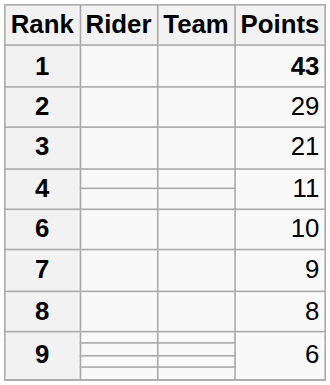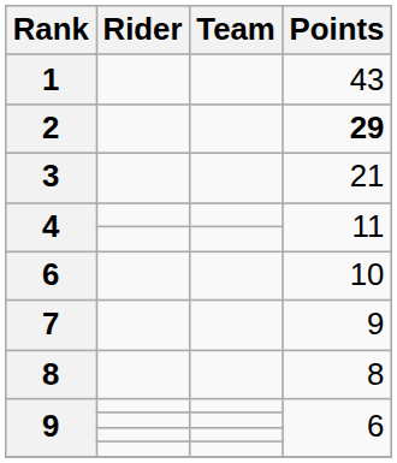 <table class="wikitable">
 <tr>
 <th scope="col">Rank</th>
 <th scope="col">Rider</th>
 <th scope="col">Team</th>
 <th scope="col">Points</th>
 </tr>
 <tr>
 <th scope=“row”>1</th>
 <td>  </td>
 <td></td>
-<td align="right"><strong>43</strong></td>
+<td align="right">43</td>
 </tr>
 <tr>
 <th scope=“row”>2</th>
 <td></td>
 <td></td>
-<td align="right">29</td>
+<td align="right"><strong>29</strong></td>
 </tr>
 <tr>
 <th scope=“row”>3</th>
 <td></td>
 <td></td>
 <td align="right">21</td>
 </tr>
 <tr>
 <th scope=“row” rowspan="2">4</th>
 <td></td>
 <td></td>
 <td align="right" rowspan="2">11</td>
 </tr>
 <tr>
 <td></td>
 <td></td>
 </tr>
 <tr>
 <th scope=“row”>6</th>
 <td></td>
 <td></td>
 <td align="right">10</td>
 </tr>
 <tr>
 <th scope=“row”>7</th>
 <td></td>
 <td></td>
 <td align="right">9</td>
 </tr>
 <tr>
 <th scope=“row”>8</th>
 <td></td>
 <td></td>
 <td align="right">8</td>
 </tr>
 <tr>
 <th scope=“row” rowspan="4">9</th>
 <td></td>
 <td></td>
 <td align="right" rowspan="4">6</td>
 </tr>
 <tr>
 <td></td>
 <td></td>
 </tr>
 <tr>
 <td></td>
 <td></td>
 </tr>
 <tr>
 <td></td>
 <td></td>
 </tr>
 <tr>
 </tr>
 </table>
